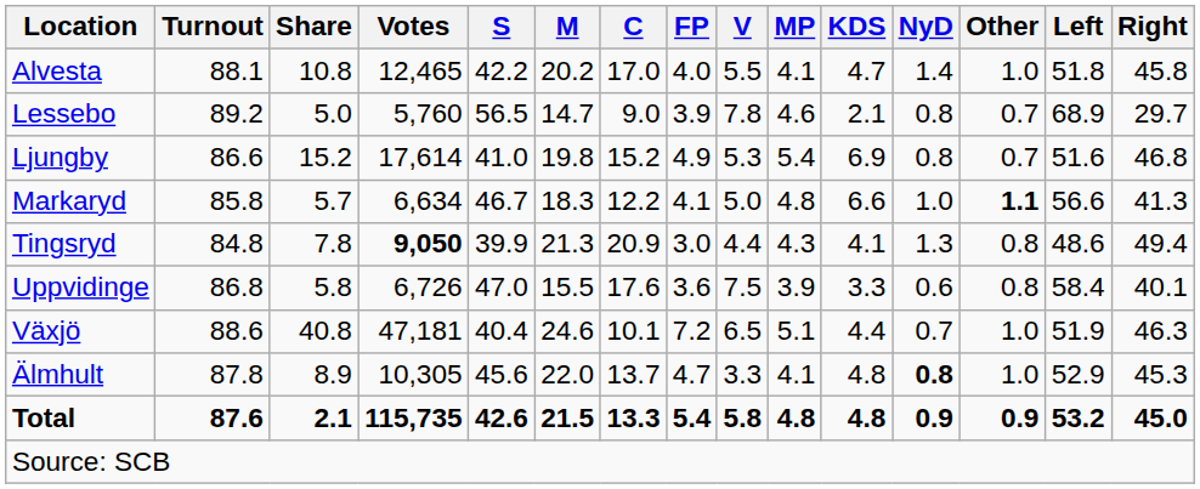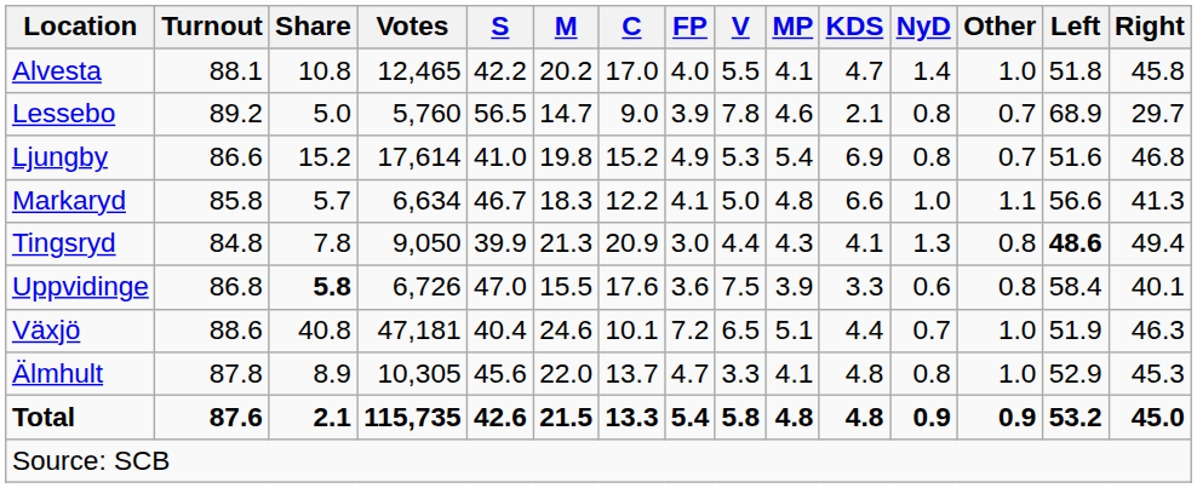 <table class="wikitable sortable" style=text-align:right>
 <tr>
 <th>Location</th>
 <th>Turnout</th>
 <th>Share</th>
 <th>Votes</th>
 <th><a href='#'>S</a></th>
 <th><a href='#'>M</a></th>
 <th><a href='#'>C</a></th>
 <th><a href='#'>FP</a></th>
 <th><a href='#'>V</a></th>
 <th><a href='#'>MP</a></th>
 <th><a href='#'>KDS</a></th>
 <th><a href='#'>NyD</a></th>
 <th>Other</th>
 <th>Left</th>
 <th>Right</th>
 </tr>
 <tr>
 <td align=left><a href='#'>Alvesta</a></td>
 <td>88.1</td>
 <td>10.8</td>
 <td>12,465</td>
 <td>42.2</td>
 <td>20.2</td>
 <td>17.0</td>
 <td>4.0</td>
 <td>5.5</td>
 <td>4.1</td>
 <td>4.7</td>
 <td>1.4</td>
 <td>1.0</td>
 <td>51.8</td>
 <td>45.8</td>
 </tr>
 <tr>
 <td align=left><a href='#'>Lessebo</a></td>
 <td>89.2</td>
 <td>5.0</td>
 <td>5,760</td>
 <td>56.5</td>
 <td>14.7</td>
 <td>9.0</td>
 <td>3.9</td>
 <td>7.8</td>
 <td>4.6</td>
 <td>2.1</td>
 <td>0.8</td>
 <td>0.7</td>
 <td>68.9</td>
 <td>29.7</td>
 </tr>
 <tr>
 <td align=left><a href='#'>Ljungby</a></td>
 <td>86.6</td>
 <td>15.2</td>
 <td>17,614</td>
 <td>41.0</td>
 <td>19.8</td>
 <td>15.2</td>
 <td>4.9</td>
 <td>5.3</td>
 <td>5.4</td>
 <td>6.9</td>
 <td>0.8</td>
 <td>0.7</td>
 <td>51.6</td>
 <td>46.8</td>
 </tr>
 <tr>
 <td align=left><a href='#'>Markaryd</a></td>
 <td>85.8</td>
 <td>5.7</td>
 <td>6,634</td>
 <td>46.7</td>
 <td>18.3</td>
 <td>12.2</td>
 <td>4.1</td>
 <td>5.0</td>
 <td>4.8</td>
 <td>6.6</td>
 <td>1.0</td>
-<td><strong>1.1</strong></td>
+<td>1.1</td>
 <td>56.6</td>
 <td>41.3</td>
 </tr>
 <tr>
 <td align=left><a href='#'>Tingsryd</a></td>
 <td>84.8</td>
 <td>7.8</td>
-<td><strong>9,050</strong></td>
+<td>9,050</td>
 <td>39.9</td>
 <td>21.3</td>
 <td>20.9</td>
 <td>3.0</td>
 <td>4.4</td>
 <td>4.3</td>
 <td>4.1</td>
 <td>1.3</td>
 <td>0.8</td>
-<td>48.6</td>
+<td><strong>48.6</strong></td>
 <td>49.4</td>
 </tr>
 <tr>
 <td align=left><a href='#'>Uppvidinge</a></td>
 <td>86.8</td>
-<td>5.8</td>
+<td><strong>5.8</strong></td>
 <td>6,726</td>
 <td>47.0</td>
 <td>15.5</td>
 <td>17.6</td>
 <td>3.6</td>
 <td>7.5</td>
 <td>3.9</td>
 <td>3.3</td>
 <td>0.6</td>
 <td>0.8</td>
 <td>58.4</td>
 <td>40.1</td>
 </tr>
 <tr>
 <td align=left><a href='#'>Växjö</a></td>
 <td>88.6</td>
 <td>40.8</td>
 <td>47,181</td>
 <td>40.4</td>
 <td>24.6</td>
 <td>10.1</td>
 <td>7.2</td>
 <td>6.5</td>
 <td>5.1</td>
 <td>4.4</td>
 <td>0.7</td>
 <td>1.0</td>
 <td>51.9</td>
 <td>46.3</td>
 </tr>
 <tr>
 <td align=left><a href='#'>Älmhult</a></td>
 <td>87.8</td>
 <td>8.9</td>
 <td>10,305</td>
 <td>45.6</td>
 <td>22.0</td>
 <td>13.7</td>
 <td>4.7</td>
 <td>3.3</td>
 <td>4.1</td>
 <td>4.8</td>
-<td><strong>0.8</strong></td>
+<td>0.8</td>
 <td>1.0</td>
 <td>52.9</td>
 <td>45.3</td>
 </tr>
 <tr>
 <td align=left><strong>Total</strong></td>
 <td><strong>87.6</strong></td>
 <td><strong>2.1</strong></td>
 <td><strong>115,735</strong></td>
 <td><strong>42.6</strong></td>
 <td><strong>21.5</strong></td>
 <td><strong>13.3</strong></td>
 <td><strong>5.4</strong></td>
 <td><strong>5.8</strong></td>
 <td><strong>4.8</strong></td>
 <td><strong>4.8</strong></td>
 <td><strong>0.9</strong></td>
 <td><strong>0.9</strong></td>
 <td><strong>53.2</strong></td>
 <td><strong>45.0</strong></td>
 </tr>
 <tr>
 <td align=left colspan=15>Source: SCB </td>
 </tr>
 </table>
